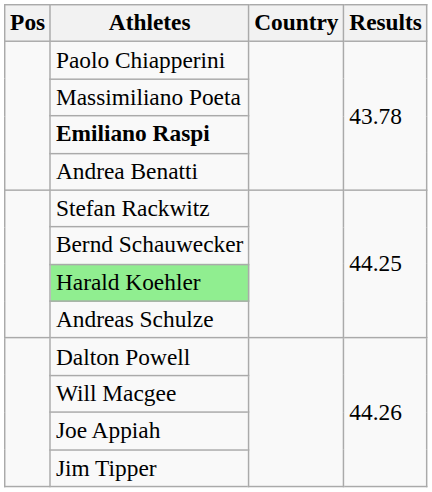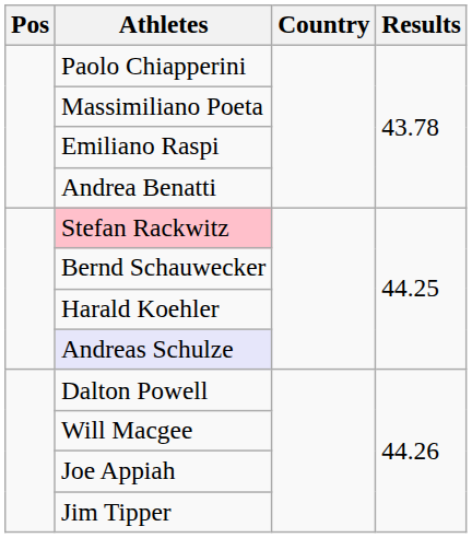 <table class="wikitable wikble">
 <tr>
 <th>Pos</th>
 <th>Athletes</th>
 <th>Country</th>
 <th>Results</th>
 </tr>
 <tr>
 <td rowspan="4"></td>
 <td>Paolo Chiapperini</td>
 <td rowspan="4"></td>
 <td rowspan="4">43.78</td>
 </tr>
 <tr>
 <td>Massimiliano Poeta</td>
 </tr>
 <tr>
-<td><strong>Emiliano Raspi</strong></td>
+<td>Emiliano Raspi</td>
 </tr>
 <tr>
 <td>Andrea Benatti</td>
 </tr>
 <tr>
 <td rowspan="4"></td>
-<td>Stefan Rackwitz</td>
+<td style="background: pink;">Stefan Rackwitz</td>
 <td rowspan="4"></td>
 <td rowspan="4">44.25</td>
 </tr>
 <tr>
 <td>Bernd Schauwecker</td>
 </tr>
 <tr>
-<td style="background: lightgreen;">Harald Koehler</td>
+<td>Harald Koehler</td>
 </tr>
 <tr>
-<td>Andreas Schulze</td>
+<td style="background: lavender;">Andreas Schulze</td>
 </tr>
 <tr>
 <td rowspan="4"></td>
 <td>Dalton Powell</td>
 <td rowspan="4"></td>
 <td rowspan="4">44.26</td>
 </tr>
 <tr>
 <td>Will Macgee</td>
 </tr>
 <tr>
 <td>Joe Appiah</td>
 </tr>
 <tr>
 <td>Jim Tipper</td>
 </tr>
 </table>
